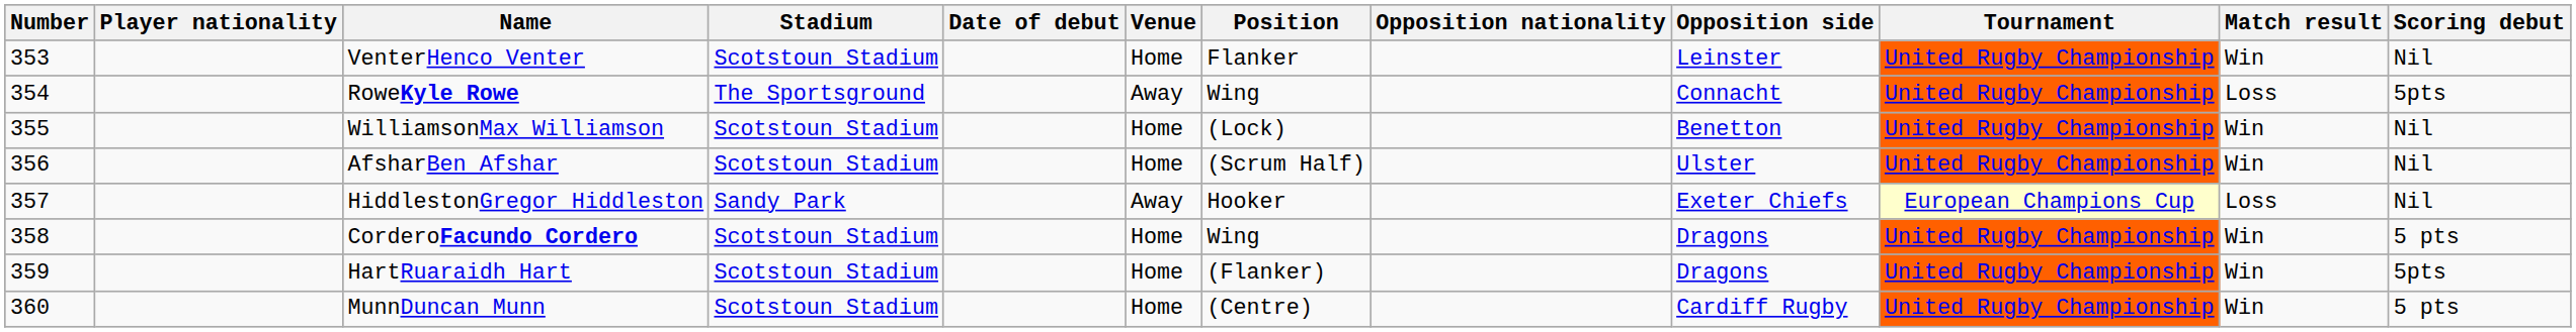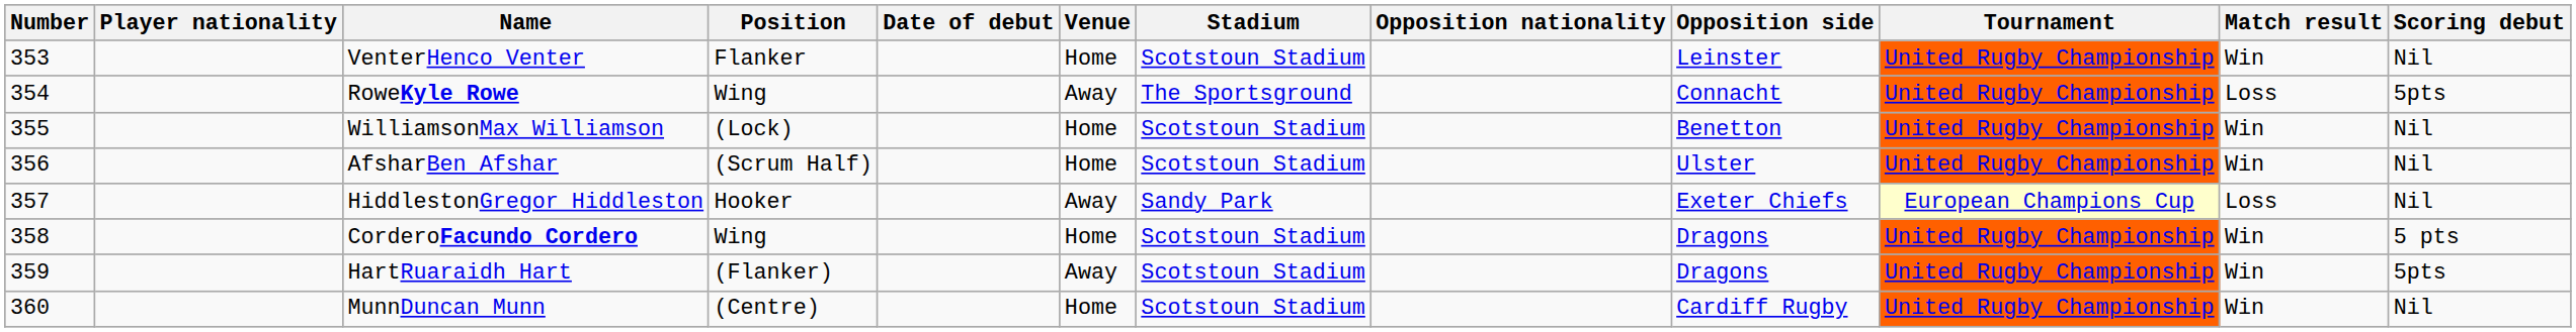 <table class="sortable wikitable">
 <tr>
 <th data-sort-type="number">Number</th>
 <th>Player nationality</th>
 <th>Name</th>
-<th>Stadium</th>
+<th>Position</th>
 <th>Date of debut</th>
 <th>Venue</th>
-<th>Position</th>
+<th>Stadium</th>
 <th>Opposition nationality</th>
 <th>Opposition side</th>
 <th>Tournament</th>
 <th>Match result</th>
 <th>Scoring debut</th>
 </tr>
 <tr>
 <td>353</td>
 <td style="text-align:center;"></td>
 <td><span>Venter</span><a href='#'>Henco Venter</a></td>
-<td><a href='#'>Scotstoun Stadium</a></td>
+<td>Flanker</td>
 <td></td>
 <td>Home</td>
-<td>Flanker</td>
+<td><a href='#'>Scotstoun Stadium</a></td>
 <td style="text-align:center;"></td>
 <td><a href='#'>Leinster</a></td>
 <td style="text-align:center; background:#FF6000;"><a href='#'>United Rugby Championship</a></td>
 <td>Win</td>
 <td>Nil</td>
 </tr>
 <tr>
 <td>354</td>
 <td style="text-align:center;"></td>
 <td><span>Rowe</span><strong><a href='#'>Kyle Rowe</a></strong></td>
-<td><a href='#'>The Sportsground</a></td>
+<td>Wing</td>
 <td></td>
 <td>Away</td>
-<td>Wing</td>
+<td><a href='#'>The Sportsground</a></td>
 <td style="text-align:center;"></td>
 <td><a href='#'>Connacht</a></td>
 <td style="text-align:center; background:#FF6000;"><a href='#'>United Rugby Championship</a></td>
 <td>Loss</td>
 <td>5pts</td>
 </tr>
 <tr>
 <td>355</td>
 <td style="text-align:center;"></td>
 <td><span>Williamson</span><a href='#'>Max Williamson</a></td>
-<td><a href='#'>Scotstoun Stadium</a></td>
+<td>(Lock)</td>
 <td></td>
 <td>Home</td>
-<td>(Lock)</td>
+<td><a href='#'>Scotstoun Stadium</a></td>
 <td style="text-align:center;"></td>
 <td><a href='#'>Benetton</a></td>
 <td style="text-align:center; background:#FF6000;"><a href='#'>United Rugby Championship</a></td>
 <td>Win</td>
 <td>Nil</td>
 </tr>
 <tr>
 <td>356</td>
 <td style="text-align:center;"></td>
 <td><span>Afshar</span><a href='#'>Ben Afshar</a></td>
-<td><a href='#'>Scotstoun Stadium</a></td>
+<td>(Scrum Half)</td>
 <td></td>
 <td>Home</td>
-<td>(Scrum Half)</td>
+<td><a href='#'>Scotstoun Stadium</a></td>
 <td style="text-align:center;"></td>
 <td><a href='#'>Ulster</a></td>
 <td style="text-align:center; background:#FF6000;"><a href='#'>United Rugby Championship</a></td>
 <td>Win</td>
 <td>Nil</td>
 </tr>
 <tr>
 <td>357</td>
 <td style="text-align:center;"></td>
 <td><span>Hiddleston</span><a href='#'>Gregor Hiddleston</a></td>
-<td><a href='#'>Sandy Park</a></td>
+<td>Hooker</td>
 <td></td>
 <td>Away</td>
-<td>Hooker</td>
+<td><a href='#'>Sandy Park</a></td>
 <td style="text-align:center;"></td>
 <td><a href='#'>Exeter Chiefs</a></td>
 <td style="text-align:center; background:#FFFFCC;"><a href='#'>European Champions Cup</a></td>
 <td>Loss</td>
 <td>Nil</td>
 </tr>
 <tr>
 <td>358</td>
 <td style="text-align:center;"></td>
 <td><span>Cordero</span><strong><a href='#'>Facundo Cordero</a></strong></td>
-<td><a href='#'>Scotstoun Stadium</a></td>
+<td>Wing</td>
 <td></td>
 <td>Home</td>
-<td>Wing</td>
+<td><a href='#'>Scotstoun Stadium</a></td>
 <td style="text-align:center;"></td>
 <td><a href='#'>Dragons</a></td>
 <td style="text-align:center; background:#FF6000;"><a href='#'>United Rugby Championship</a></td>
 <td>Win</td>
 <td>5 pts</td>
 </tr>
 <tr>
 <td>359</td>
 <td style="text-align:center;"></td>
 <td><span>Hart</span><a href='#'>Ruaraidh Hart</a></td>
+<td>(Flanker)</td>
+<td></td>
+<td>Away</td>
 <td><a href='#'>Scotstoun Stadium</a></td>
-<td></td>
-<td>Home</td>
-<td>(Flanker)</td>
 <td style="text-align:center;"></td>
 <td><a href='#'>Dragons</a></td>
 <td style="text-align:center; background:#FF6000;"><a href='#'>United Rugby Championship</a></td>
 <td>Win</td>
 <td>5pts</td>
 </tr>
 <tr>
 <td>360</td>
 <td style="text-align:center;"></td>
 <td><span>Munn</span><a href='#'>Duncan Munn</a></td>
-<td><a href='#'>Scotstoun Stadium</a></td>
+<td>(Centre)</td>
 <td></td>
 <td>Home</td>
-<td>(Centre)</td>
+<td><a href='#'>Scotstoun Stadium</a></td>
 <td style="text-align:center;"></td>
 <td><a href='#'>Cardiff Rugby</a></td>
 <td style="text-align:center; background:#FF6000;"><a href='#'>United Rugby Championship</a></td>
 <td>Win</td>
-<td>5 pts</td>
+<td>Nil</td>
 </tr>
 </table>
